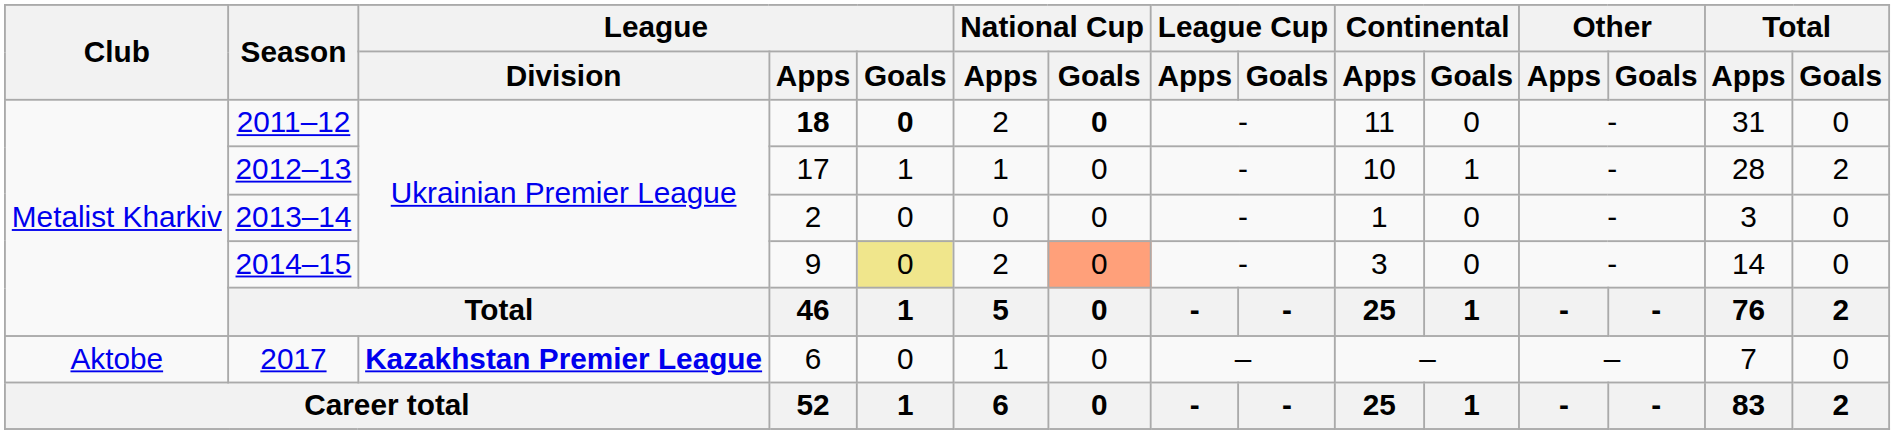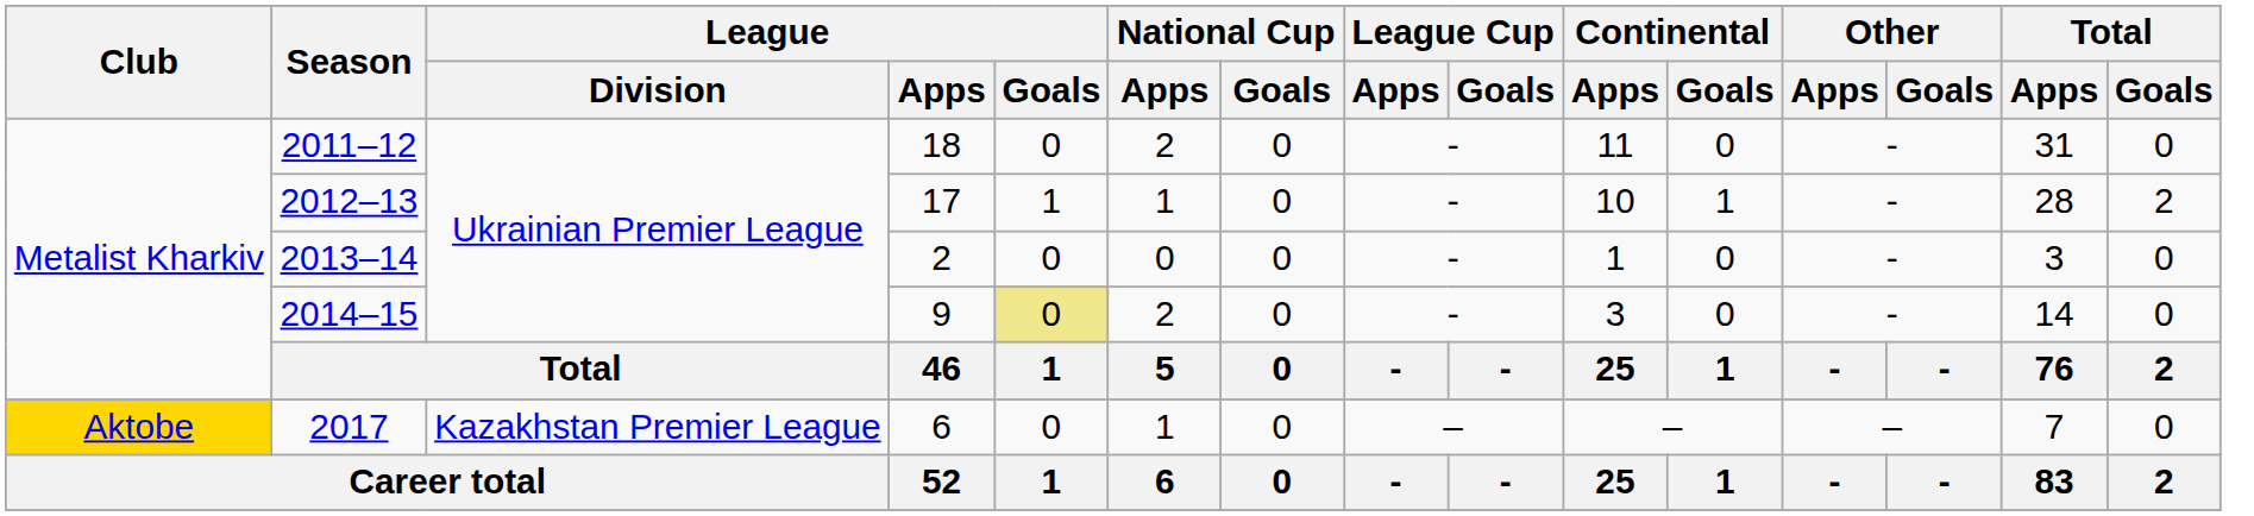 <table class="wikitable" style="text-align: center;">
 <tr>
 <th rowspan="2">Club</th>
 <th rowspan="2">Season</th>
 <th colspan="3">League</th>
 <th colspan="2">National Cup</th>
 <th colspan="2">League Cup</th>
 <th colspan="2">Continental</th>
 <th colspan="2">Other</th>
 <th colspan="2">Total</th>
 </tr>
 <tr>
 <th>Division</th>
 <th>Apps</th>
 <th>Goals</th>
 <th>Apps</th>
 <th>Goals</th>
 <th>Apps</th>
 <th>Goals</th>
 <th>Apps</th>
 <th>Goals</th>
 <th>Apps</th>
 <th>Goals</th>
 <th>Apps</th>
 <th>Goals</th>
 </tr>
 <tr>
 <td rowspan="5" valign="center"><a href='#'>Metalist Kharkiv</a></td>
 <td><a href='#'>2011–12</a></td>
 <td rowspan="4" valign="center"><a href='#'>Ukrainian Premier League</a></td>
-<td><strong>18</strong></td>
-<td><strong>0</strong></td>
+<td>18</td>
+<td>0</td>
 <td>2</td>
-<td><strong>0</strong></td>
+<td>0</td>
 <td colspan="2">-</td>
 <td>11</td>
 <td>0</td>
 <td colspan="2">-</td>
 <td>31</td>
 <td>0</td>
 </tr>
 <tr>
 <td><a href='#'>2012–13</a></td>
 <td>17</td>
 <td>1</td>
 <td>1</td>
 <td>0</td>
 <td colspan="2">-</td>
 <td>10</td>
 <td>1</td>
 <td colspan="2">-</td>
 <td>28</td>
 <td>2</td>
 </tr>
 <tr>
 <td><a href='#'>2013–14</a></td>
 <td>2</td>
 <td>0</td>
 <td>0</td>
 <td>0</td>
 <td colspan="2">-</td>
 <td>1</td>
 <td>0</td>
 <td colspan="2">-</td>
 <td>3</td>
 <td>0</td>
 </tr>
 <tr>
 <td><a href='#'>2014–15</a></td>
 <td>9</td>
 <td style="background: khaki;">0</td>
 <td>2</td>
-<td style="background: lightsalmon;">0</td>
+<td>0</td>
 <td colspan="2">-</td>
 <td>3</td>
 <td>0</td>
 <td colspan="2">-</td>
 <td>14</td>
 <td>0</td>
 </tr>
 <tr>
 <th colspan="2">Total</th>
 <th>46</th>
 <th>1</th>
 <th>5</th>
 <th>0</th>
 <th>-</th>
 <th>-</th>
 <th>25</th>
 <th>1</th>
 <th>-</th>
 <th>-</th>
 <th>76</th>
 <th>2</th>
 </tr>
 <tr>
-<td><a href='#'>Aktobe</a></td>
+<td style="background: gold;"><a href='#'>Aktobe</a></td>
 <td><a href='#'>2017</a></td>
-<td><strong><a href='#'>Kazakhstan Premier League</a></strong></td>
+<td><a href='#'>Kazakhstan Premier League</a></td>
 <td>6</td>
 <td>0</td>
 <td>1</td>
 <td>0</td>
 <td colspan="2">–</td>
 <td colspan="2">–</td>
 <td colspan="2">–</td>
 <td>7</td>
 <td>0</td>
 </tr>
 <tr>
 <th colspan="3">Career total</th>
 <th>52</th>
 <th>1</th>
 <th>6</th>
 <th>0</th>
 <th>-</th>
 <th>-</th>
 <th>25</th>
 <th>1</th>
 <th>-</th>
 <th>-</th>
 <th>83</th>
 <th>2</th>
 </tr>
 </table>
